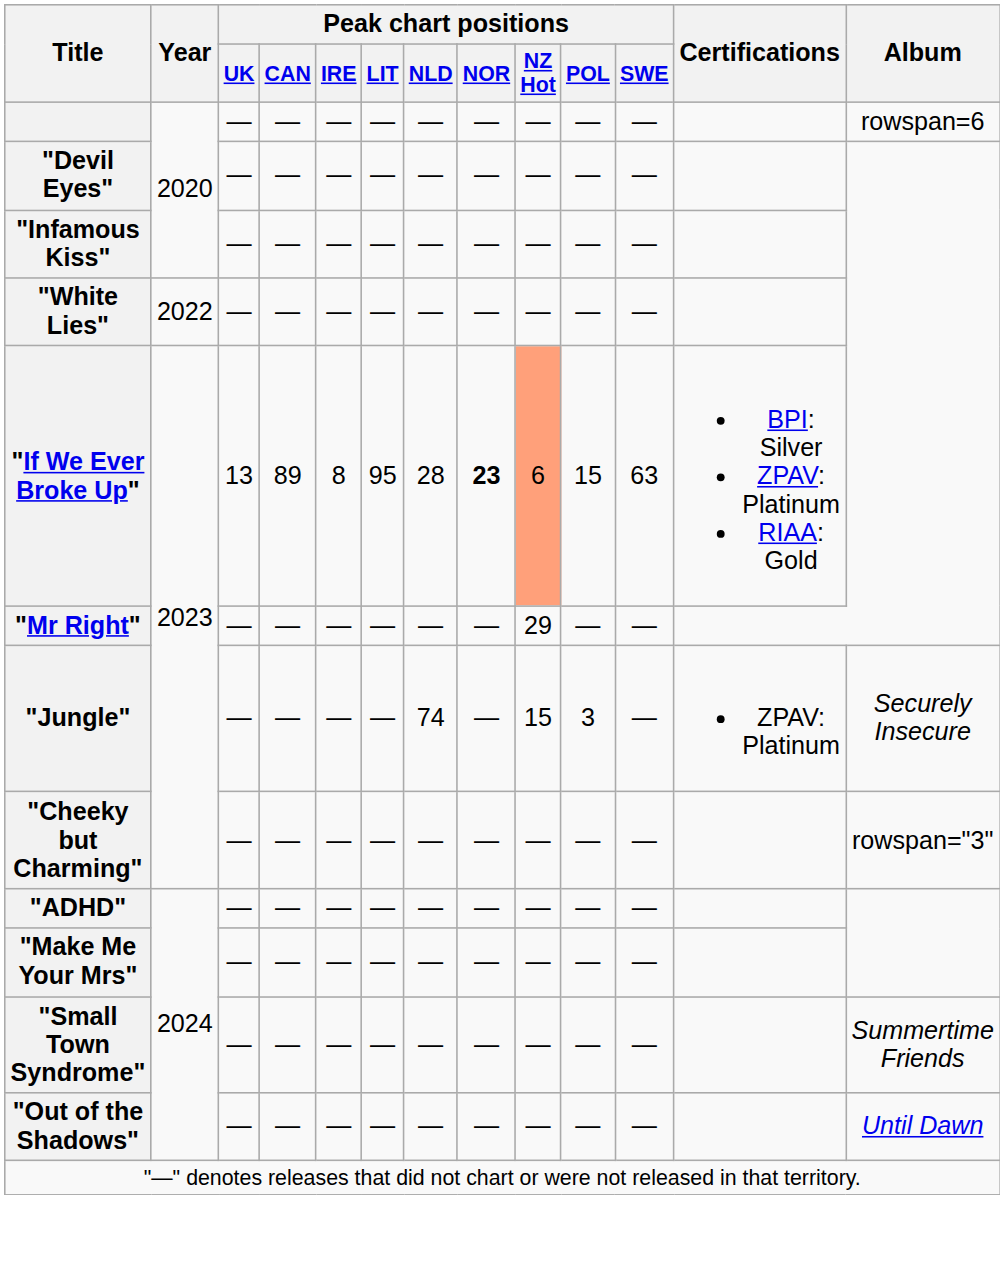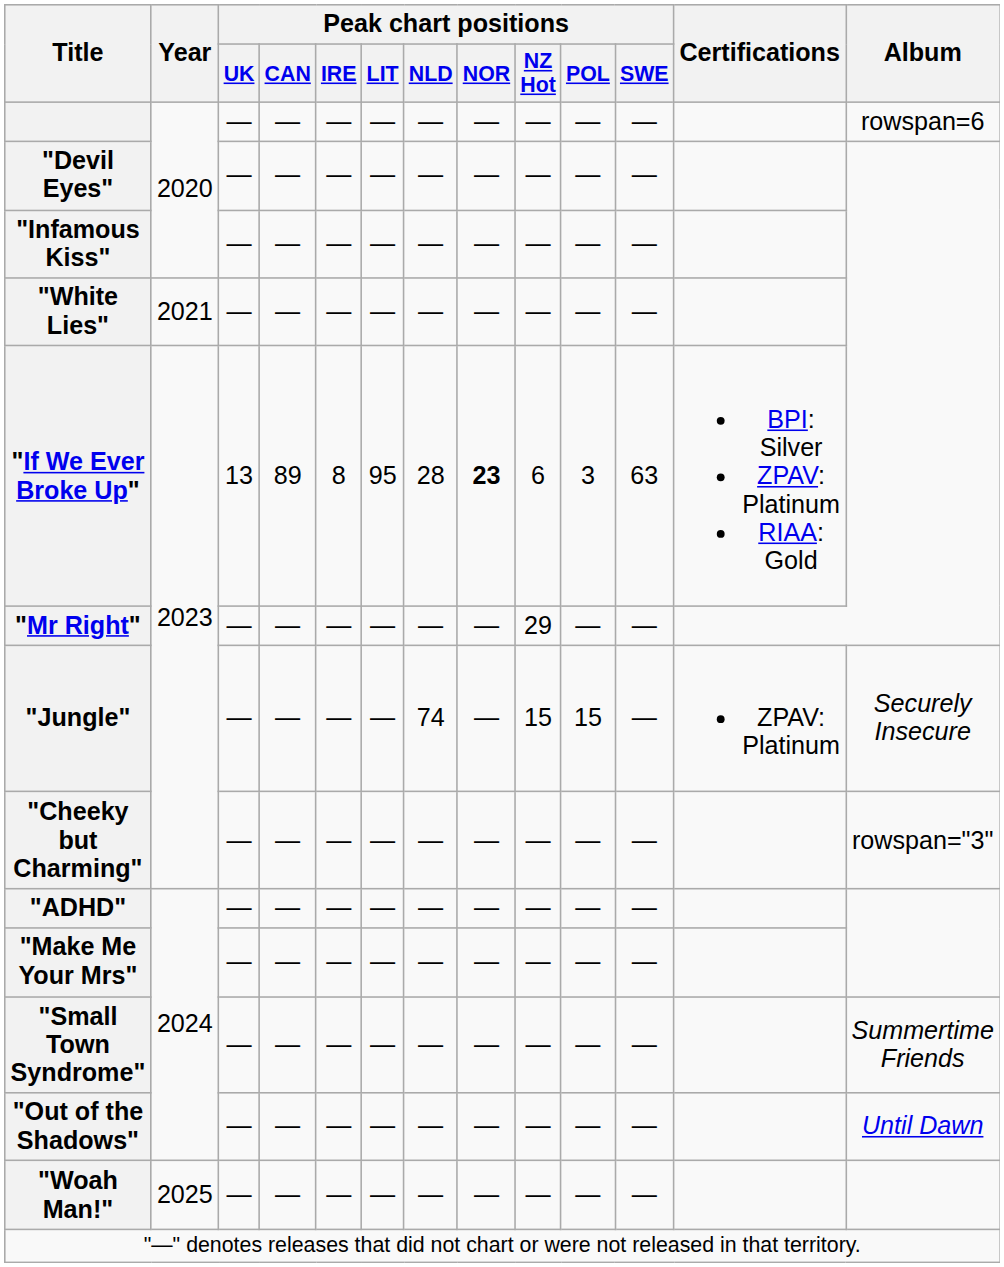 <table class="wikitable plainrowheaders" style="text-align:center">
 <tr>
 <th scope="col" rowspan="2" style="width:10em;">Title</th>
 <th scope="col" rowspan="2">Year</th>
 <th scope="col" colspan="9">Peak chart positions</th>
 <th scope="col" rowspan="2">Certifications</th>
 <th scope="col" rowspan="2">Album</th>
 </tr>
 <tr>
 <th scope="col" style="width:3em;font-size:85%;"><a href='#'>UK</a><br></th>
 <th scope="col" style="width:3em;font-size:85%;"><a href='#'>CAN</a><br></th>
 <th scope="col" style="width:3em;font-size:85%;"><a href='#'>IRE</a><br></th>
 <th scope="col" style="width:3em;font-size:85%;"><a href='#'>LIT</a><br></th>
 <th scope="col" style="width:3em;font-size:85%;"><a href='#'>NLD</a><br></th>
 <th scope="col" style="width:3em;font-size:85%;"><a href='#'>NOR</a><br></th>
 <th scope="col" style="width:3em;font-size:85%;"><a href='#'>NZ<br>Hot</a><br></th>
 <th scope="col" style="width:3em;font-size:85%;"><a href='#'>POL</a><br></th>
 <th scope="col" style="width:3em;font-size:85%;"><a href='#'>SWE</a><br></th>
 </tr>
 <tr>
 <th scope="row"></th>
 <td rowspan="3">2020</td>
 <td>—</td>
 <td>—</td>
 <td>—</td>
 <td>—</td>
 <td>—</td>
 <td>—</td>
 <td>—</td>
 <td>—</td>
 <td>—</td>
 <td></td>
 <td>rowspan=6 </td>
 </tr>
 <tr>
 <th scope="row">"Devil Eyes"</th>
 <td>—</td>
 <td>—</td>
 <td>—</td>
 <td>—</td>
 <td>—</td>
 <td>—</td>
 <td>—</td>
 <td>—</td>
 <td>—</td>
 <td></td>
 </tr>
 <tr>
 <th scope="row">"Infamous Kiss"</th>
 <td>—</td>
 <td>—</td>
 <td>—</td>
 <td>—</td>
 <td>—</td>
 <td>—</td>
 <td>—</td>
 <td>—</td>
 <td>—</td>
 <td></td>
 </tr>
 <tr>
 <th scope="row">"White Lies"</th>
-<td>2022</td>
+<td>2021</td>
 <td>—</td>
 <td>—</td>
 <td>—</td>
 <td>—</td>
 <td>—</td>
 <td>—</td>
 <td>—</td>
 <td>—</td>
 <td>—</td>
 <td></td>
 </tr>
 <tr>
 <th scope="row">"<a href='#'>If We Ever Broke Up</a>"</th>
 <td rowspan="4">2023</td>
 <td>13</td>
 <td>89</td>
 <td>8</td>
 <td>95</td>
 <td>28</td>
 <td><strong>23</strong></td>
-<td style="background: lightsalmon;">6</td>
-<td>15</td>
+<td>6</td>
+<td>3</td>
 <td>63</td>
 <td><br><ul><li><a href='#'>BPI</a>: Silver</li><li><a href='#'>ZPAV</a>: Platinum</li><li><a href='#'>RIAA</a>: Gold</li></ul></td>
 </tr>
 <tr>
 <th scope="row">"<a href='#'>Mr Right</a>"<br></th>
 <td>—</td>
 <td>—</td>
 <td>—</td>
 <td>—</td>
 <td>—</td>
 <td>—</td>
 <td>29</td>
 <td>—</td>
 <td>—</td>
 </tr>
 <tr>
 <th scope="row">"Jungle" <br></th>
 <td>—</td>
 <td>—</td>
 <td>—</td>
 <td>—</td>
 <td>74</td>
 <td>—</td>
 <td>15</td>
-<td>3</td>
+<td>15</td>
 <td>—</td>
 <td><br><ul><li>ZPAV: Platinum</li></ul></td>
 <td><em>Securely Insecure</em></td>
 </tr>
 <tr>
 <th scope="row">"Cheeky but Charming"<br></th>
 <td>—</td>
 <td>—</td>
 <td>—</td>
 <td>—</td>
 <td>—</td>
 <td>—</td>
 <td>—</td>
 <td>—</td>
 <td>—</td>
 <td></td>
 <td>rowspan="3" </td>
 </tr>
 <tr>
 <th scope="row">"ADHD"</th>
 <td rowspan="4">2024</td>
 <td>—</td>
 <td>—</td>
 <td>—</td>
 <td>—</td>
 <td>—</td>
 <td>—</td>
 <td>—</td>
 <td>—</td>
 <td>—</td>
 <td></td>
 </tr>
 <tr>
 <th scope="row">"Make Me Your Mrs"</th>
 <td>—</td>
 <td>—</td>
 <td>—</td>
 <td>—</td>
 <td>—</td>
 <td>—</td>
 <td>—</td>
 <td>—</td>
 <td>—</td>
 <td></td>
 </tr>
 <tr>
 <th scope="row">"Small Town Syndrome"</th>
 <td>—</td>
 <td>—</td>
 <td>—</td>
 <td>—</td>
 <td>—</td>
 <td>—</td>
 <td>—</td>
 <td>—</td>
 <td>—</td>
 <td></td>
 <td><em>Summertime Friends</em></td>
 </tr>
 <tr>
 <th scope="row">"Out of the Shadows"</th>
 <td>—</td>
 <td>—</td>
 <td>—</td>
 <td>—</td>
 <td>—</td>
 <td>—</td>
 <td>—</td>
 <td>—</td>
 <td>—</td>
 <td></td>
 <td><em><a href='#'>Until Dawn</a></em></td>
 </tr>
 <tr>
+<th scope="row">"Woah Man!"</th>
+<td>2025</td>
+<td>—</td>
+<td>—</td>
+<td>—</td>
+<td>—</td>
+<td>—</td>
+<td>—</td>
+<td>—</td>
+<td>—</td>
+<td>—</td>
+<td></td>
+<td></td>
+</tr>
+<tr>
 <td colspan="13" style="text-align:center; font-size:85%">"—" denotes releases that did not chart or were not released in that territory.</td>
 </tr>
 </table>
